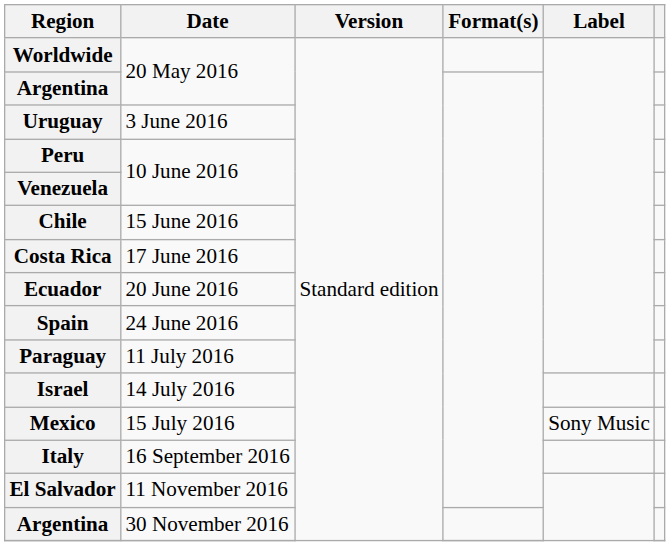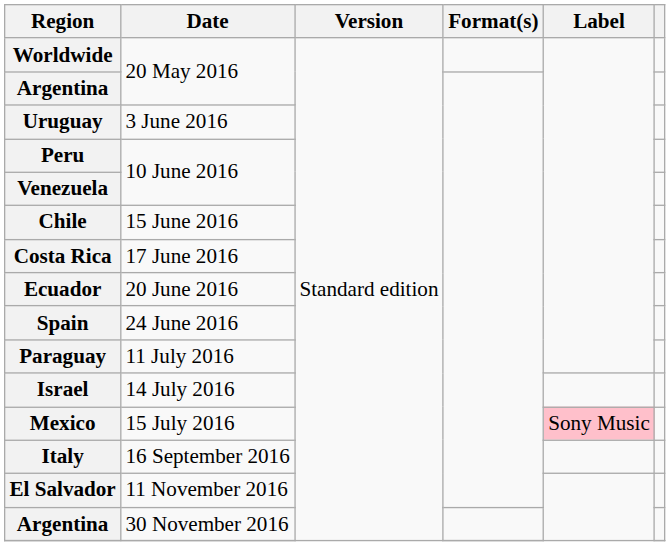 <table class="wikitable plainrowheaders">
 <tr>
 <th scope="col">Region</th>
 <th scope="col">Date</th>
 <th scope="col">Version</th>
 <th scope="col">Format(s)</th>
 <th scope="col">Label</th>
 <th scope="col"></th>
 </tr>
 <tr>
 <th scope="row">Worldwide</th>
 <td rowspan=2>20 May 2016</td>
 <td rowspan=16>Standard edition</td>
 <td></td>
 <td rowspan=10></td>
 <td></td>
 </tr>
 <tr>
 <th scope="row">Argentina</th>
 <td rowspan=13></td>
 <td></td>
 </tr>
 <tr>
 <th scope="row">Uruguay</th>
 <td>3 June 2016</td>
 <td></td>
 </tr>
 <tr>
 <th scope="row">Peru</th>
 <td rowspan=2>10 June 2016</td>
 <td></td>
 </tr>
 <tr>
 <th scope="row">Venezuela</th>
 <td></td>
 </tr>
 <tr>
 <th scope="row">Chile</th>
 <td>15 June 2016</td>
 <td></td>
 </tr>
 <tr>
 <th scope="row">Costa Rica</th>
 <td>17 June 2016</td>
 <td></td>
 </tr>
 <tr>
 <th scope="row">Ecuador</th>
 <td>20 June 2016</td>
 <td></td>
 </tr>
 <tr>
 <th scope="row">Spain</th>
 <td>24 June 2016</td>
 <td></td>
 </tr>
 <tr>
 <th scope="row">Paraguay</th>
 <td>11 July 2016</td>
 <td></td>
 </tr>
 <tr>
 <th scope="row">Israel</th>
 <td>14 July 2016</td>
 <td></td>
 <td></td>
 </tr>
 <tr>
 <th scope="row">Mexico</th>
 <td>15 July 2016</td>
-<td>Sony Music</td>
+<td style="background: pink;">Sony Music</td>
 <td></td>
 </tr>
 <tr>
 <th scope="row">Italy</th>
 <td>16 September 2016</td>
 <td></td>
 <td></td>
 </tr>
 <tr>
 <th scope="row">El Salvador</th>
 <td>11 November 2016</td>
 <td rowspan="3"></td>
 <td></td>
 </tr>
 <tr>
 <th scope="row">Argentina</th>
 <td>30 November 2016</td>
 <td></td>
 <td></td>
 </tr>
 <tr>
 </tr>
 </table>
